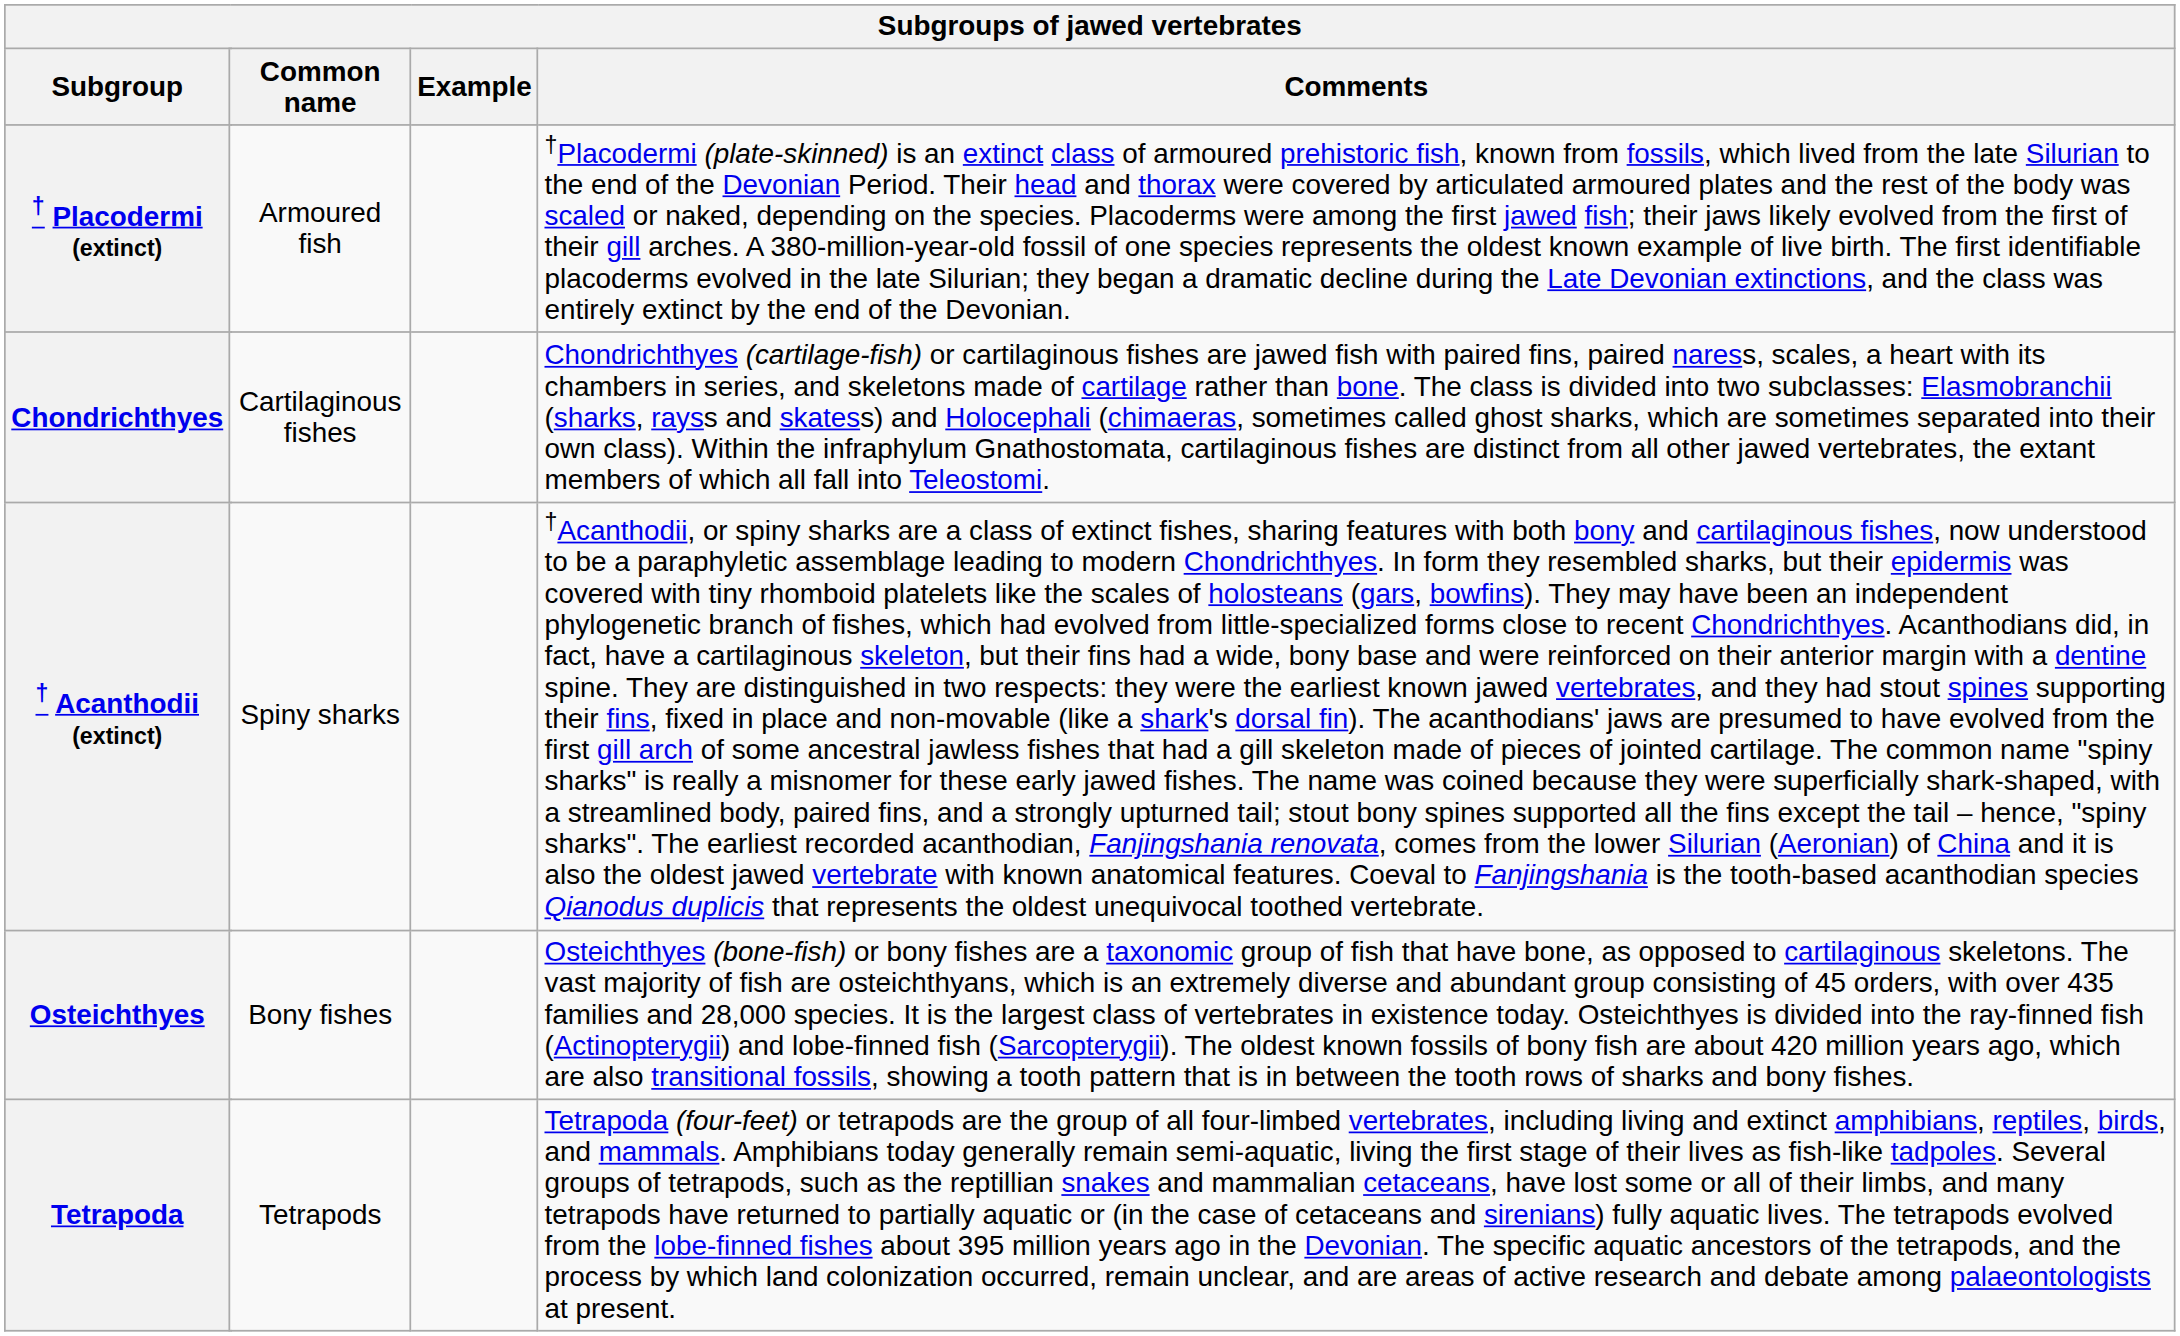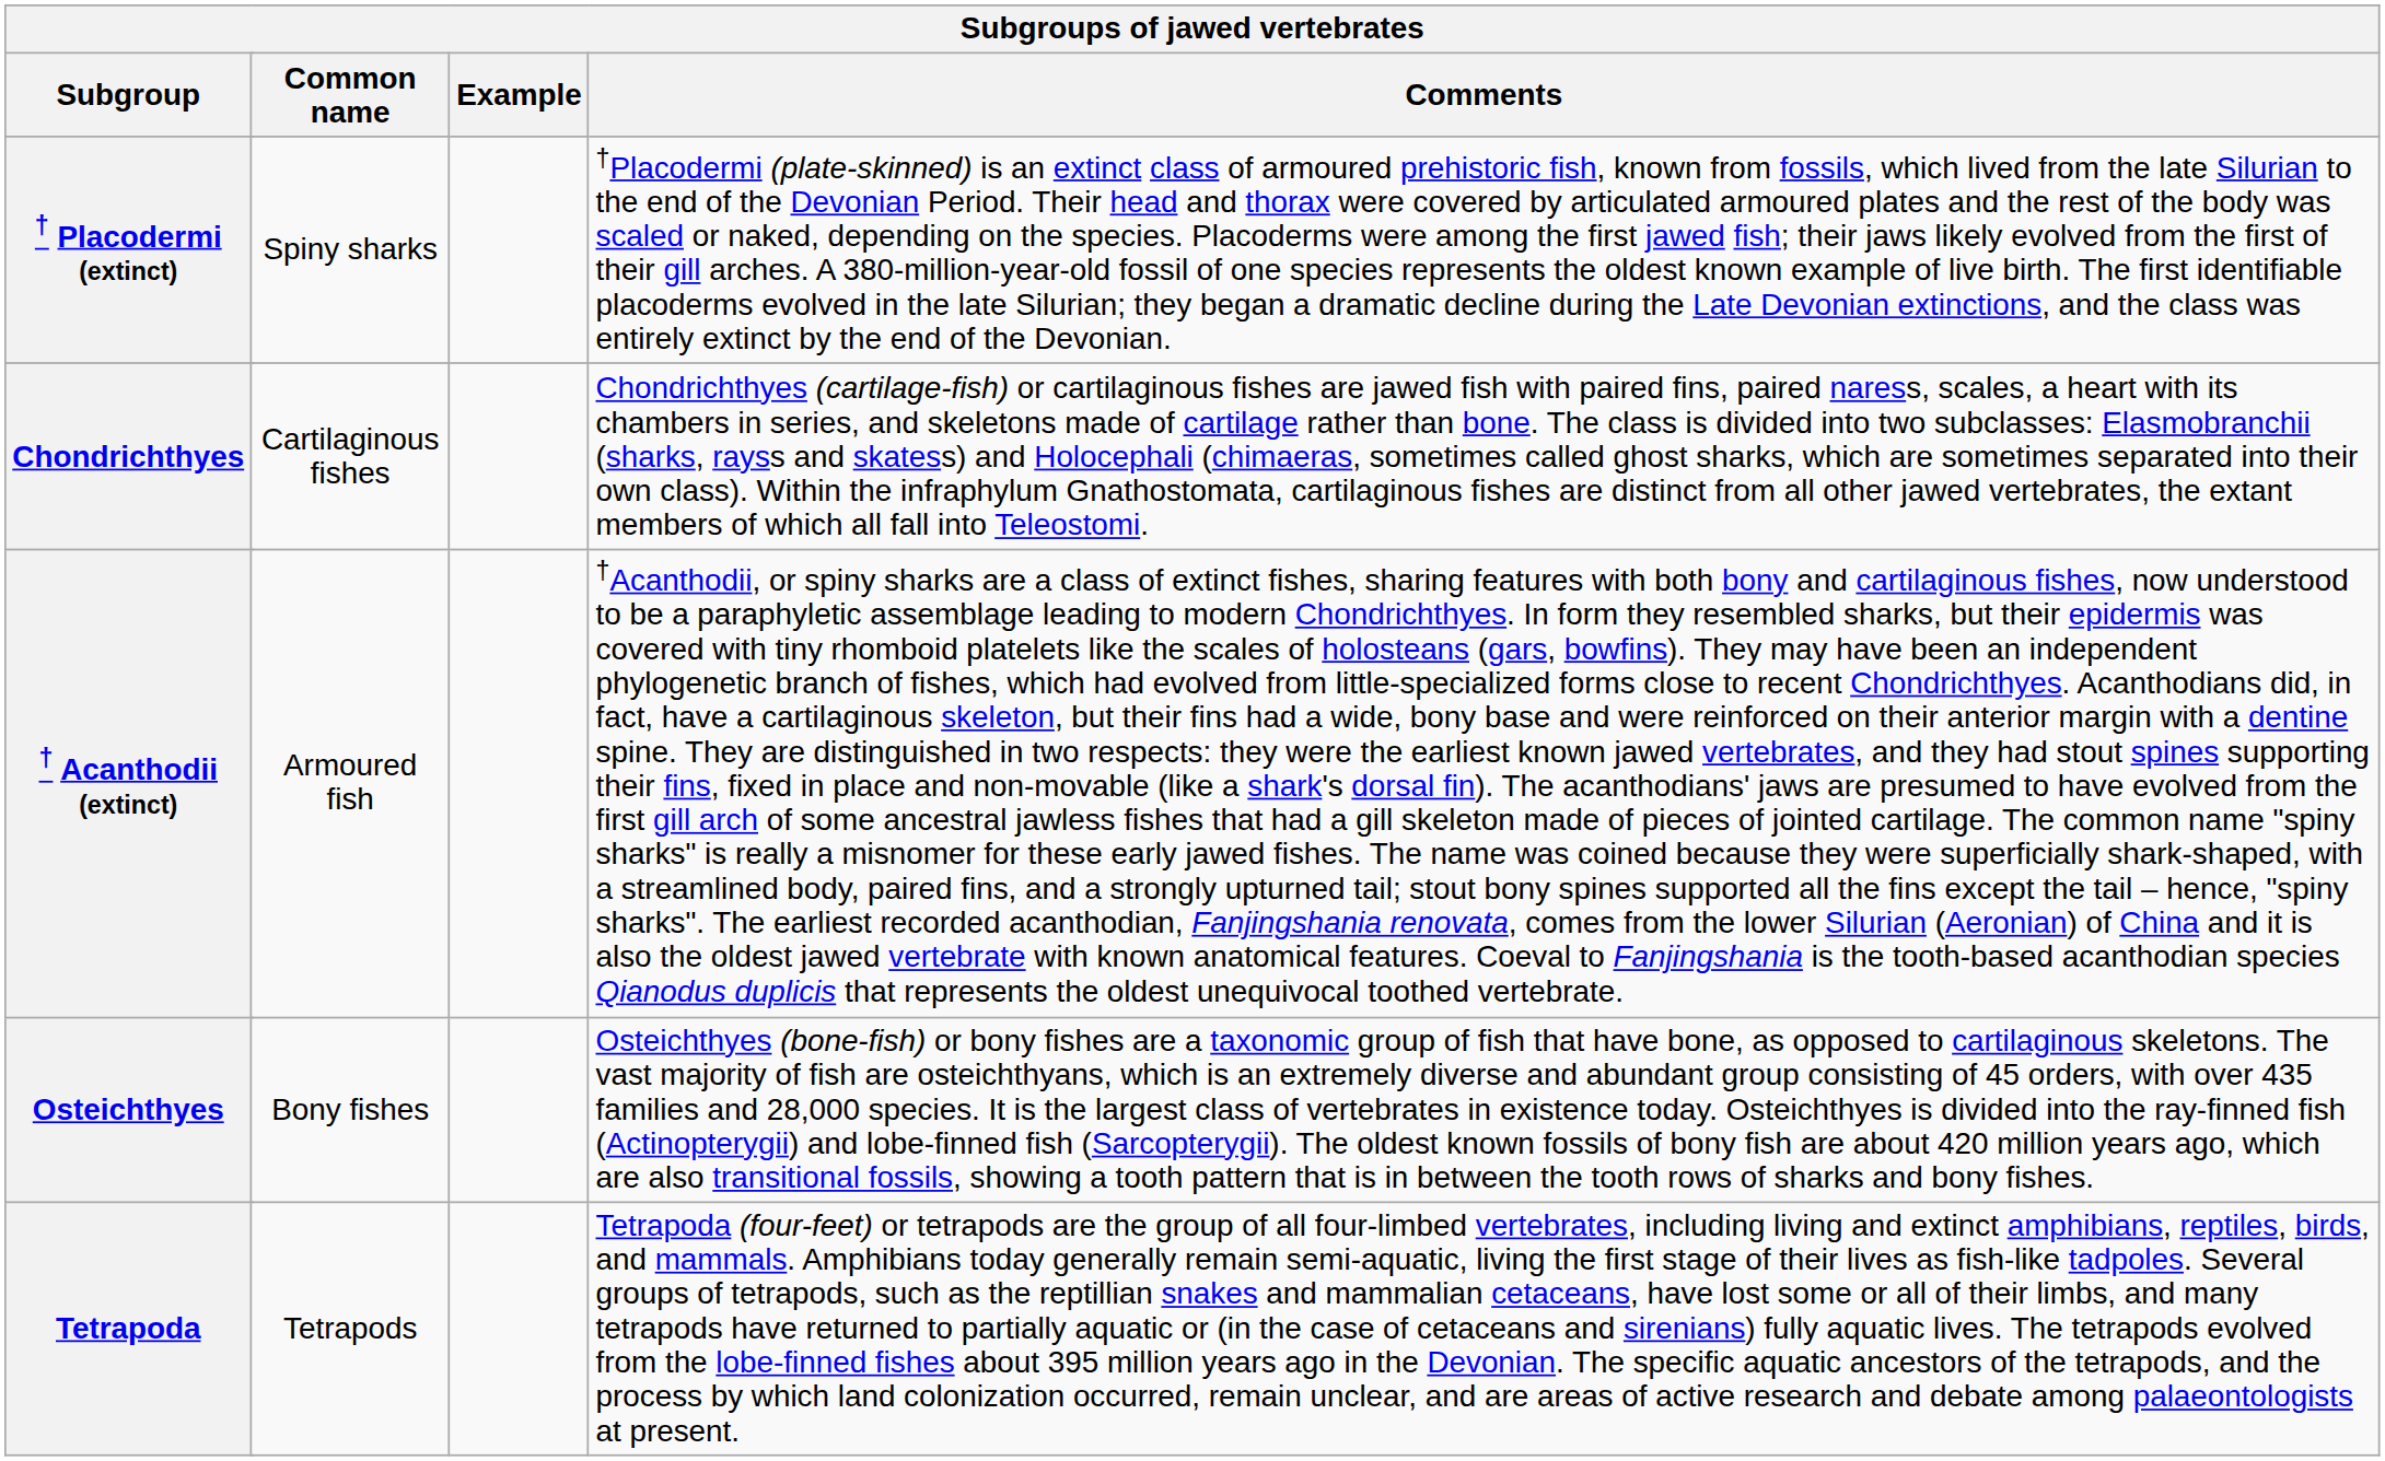 <table class="wikitable">
 <tr>
 <th colspan=5>Subgroups of jawed vertebrates</th>
 </tr>
 <tr>
 <th colspan=2>Subgroup</th>
 <th>Common name</th>
 <th>Example</th>
 <th>Comments</th>
 </tr>
 <tr>
 <th colspan=2><a href='#'><sup>†</sup></a> <a href='#'>Placodermi</a><br><small>(extinct)</small></th>
-<td align=center>Armoured fish</td>
+<td align=center>Spiny sharks</td>
 <td></td>
 <td valign=top><sup>†</sup><a href='#'>Placodermi</a> <em>(plate-skinned)</em> is an <a href='#'>extinct</a> <a href='#'>class</a> of armoured <a href='#'>prehistoric fish</a>, known from <a href='#'>fossils</a>, which lived from the late <a href='#'>Silurian</a> to the end of the <a href='#'>Devonian</a> Period. Their <a href='#'>head</a> and <a href='#'>thorax</a> were covered by articulated armoured plates and the rest of the body was <a href='#'>scaled</a> or naked, depending on the species. Placoderms were among the first <a href='#'>jawed</a> <a href='#'>fish</a>; their jaws likely evolved from the first of their <a href='#'>gill</a> arches. A 380-million-year-old fossil of one species represents the oldest known example of live birth. The first identifiable placoderms evolved in the late Silurian; they began a dramatic decline during the <a href='#'>Late Devonian extinctions</a>, and the class was entirely extinct by the end of the Devonian.</td>
 </tr>
 <tr>
 <th colspan=2><a href='#'>Chondrichthyes</a></th>
 <td align=center>Cartilaginous fishes</td>
 <td></td>
 <td><a href='#'>Chondrichthyes</a> <em>(cartilage-fish)</em> or cartilaginous fishes are jawed fish with paired fins, paired <a href='#'>nares</a>s, scales, a heart with its chambers in series, and skeletons made of <a href='#'>cartilage</a> rather than <a href='#'>bone</a>. The class is divided into two subclasses: <a href='#'>Elasmobranchii</a> (<a href='#'>sharks</a>, <a href='#'>rays</a>s and <a href='#'>skates</a>s) and <a href='#'>Holocephali</a> (<a href='#'>chimaeras</a>, sometimes called ghost sharks, which are sometimes separated into their own class). Within the infraphylum Gnathostomata, cartilaginous fishes are distinct from all other jawed vertebrates, the extant members of which all fall into <a href='#'>Teleostomi</a>.</td>
 </tr>
 <tr>
 <th colspan=2><a href='#'><sup>†</sup></a> <a href='#'>Acanthodii</a><br><small>(extinct)</small></th>
-<td align=center>Spiny sharks</td>
+<td align=center>Armoured fish</td>
 <td><span></span></td>
 <td><sup>†</sup><a href='#'>Acanthodii</a>, or spiny sharks are a class of extinct fishes, sharing features with both <a href='#'>bony</a> and <a href='#'>cartilaginous fishes</a>, now understood to be a paraphyletic assemblage leading to modern <a href='#'>Chondrichthyes</a>. In form they resembled sharks, but their <a href='#'>epidermis</a> was covered with tiny rhomboid platelets like the scales of <a href='#'>holosteans</a> (<a href='#'>gars</a>, <a href='#'>bowfins</a>). They may have been an independent phylogenetic branch of fishes, which had evolved from little-specialized forms close to recent <a href='#'>Chondrichthyes</a>. Acanthodians did, in fact, have a cartilaginous <a href='#'>skeleton</a>, but their fins had a wide, bony base and were reinforced on their anterior margin with a <a href='#'>dentine</a> spine. They are distinguished in two respects: they were the earliest known jawed <a href='#'>vertebrates</a>, and they had stout <a href='#'>spines</a> supporting their <a href='#'>fins</a>, fixed in place and non-movable (like a <a href='#'>shark</a>'s <a href='#'>dorsal fin</a>). The acanthodians' jaws are presumed to have evolved from the first <a href='#'>gill arch</a> of some ancestral jawless fishes that had a gill skeleton made of pieces of jointed cartilage. The common name "spiny sharks" is really a misnomer for these early jawed fishes. The name was coined because they were superficially shark-shaped, with a streamlined body, paired fins, and a strongly upturned tail; stout bony spines supported all the fins except the tail – hence, "spiny sharks". The earliest recorded acanthodian, <em><a href='#'>Fanjingshania renovata</a></em>, comes from the lower <a href='#'>Silurian</a> (<a href='#'>Aeronian</a>) of <a href='#'>China</a> and it is also the oldest jawed <a href='#'>vertebrate</a> with known anatomical features. Coeval to <em><a href='#'>Fanjingshania</a></em> is the tooth-based acanthodian species <em><a href='#'>Qianodus duplicis</a></em> that represents the oldest unequivocal toothed vertebrate.</td>
 </tr>
 <tr>
 <th colspan=2><a href='#'>Osteichthyes</a></th>
 <td align=center>Bony fishes</td>
 <td></td>
 <td><a href='#'>Osteichthyes</a> <em>(bone-fish)</em> or bony fishes are a <a href='#'>taxonomic</a> group of fish that have bone, as opposed to <a href='#'>cartilaginous</a> skeletons. The vast majority of fish are osteichthyans, which is an extremely diverse and abundant group consisting of 45 orders, with over 435 families and 28,000 species. It is the largest class of vertebrates in existence today. Osteichthyes is divided into the ray-finned fish (<a href='#'>Actinopterygii</a>) and lobe-finned fish (<a href='#'>Sarcopterygii</a>). The oldest known fossils of bony fish are about 420 million years ago, which are also <a href='#'>transitional fossils</a>, showing a tooth pattern that is in between the tooth rows of sharks and bony fishes.</td>
 </tr>
 <tr>
 <th colspan=2><a href='#'>Tetrapoda</a></th>
 <td align=center>Tetrapods</td>
 <td><span></span></td>
 <td><a href='#'>Tetrapoda</a> <em>(four-feet)</em> or tetrapods are the group of all four-limbed <a href='#'>vertebrates</a>, including living and extinct <a href='#'>amphibians</a>, <a href='#'>reptiles</a>, <a href='#'>birds</a>, and <a href='#'>mammals</a>. Amphibians today generally remain semi-aquatic, living the first stage of their lives as fish-like <a href='#'>tadpoles</a>. Several groups of tetrapods, such as the reptillian <a href='#'>snakes</a> and mammalian <a href='#'>cetaceans</a>, have lost some or all of their limbs, and many tetrapods have returned to partially aquatic or (in the case of cetaceans and <a href='#'>sirenians</a>) fully aquatic lives. The tetrapods evolved from the <a href='#'>lobe-finned fishes</a> about 395 million years ago in the <a href='#'>Devonian</a>. The specific aquatic ancestors of the tetrapods, and the process by which land colonization occurred, remain unclear, and are areas of active research and debate among <a href='#'>palaeontologists</a> at present.</td>
 </tr>
 </table>
